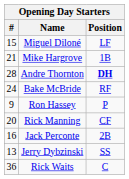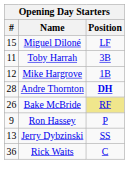 <table class="wikitable" style="text-align:center">
 <tr>
 <th colspan="3">Opening Day Starters</th>
 </tr>
 <tr>
 <th>#</th>
 <th>Name</th>
 <th>Position</th>
 </tr>
 <tr>
 <td>15</td>
 <td><a href='#'>Miguel Diloné</a></td>
 <td><a href='#'>LF</a></td>
 </tr>
 <tr>
-<td>21</td>
+<td>11</td>
+<td><a href='#'>Toby Harrah</a></td>
+<td><a href='#'>3B</a></td>
+</tr>
+<tr>
+<td>12</td>
 <td><a href='#'>Mike Hargrove</a></td>
 <td><a href='#'>1B</a></td>
 </tr>
 <tr>
 <td>28</td>
 <td><a href='#'>Andre Thornton</a></td>
 <td><strong><a href='#'>DH</a></strong></td>
 </tr>
 <tr>
-<td>24</td>
+<td>26</td>
 <td><a href='#'>Bake McBride</a></td>
-<td><a href='#'>RF</a></td>
+<td style="background: khaki;"><a href='#'>RF</a></td>
 </tr>
 <tr>
 <td>9</td>
 <td><a href='#'>Ron Hassey</a></td>
 <td><a href='#'>P</a></td>
-</tr>
-<tr>
-<td>20</td>
-<td><a href='#'>Rick Manning</a></td>
-<td><a href='#'>CF</a></td>
-</tr>
-<tr>
-<td>16</td>
-<td><a href='#'>Jack Perconte</a></td>
-<td><a href='#'>2B</a></td>
 </tr>
 <tr>
 <td>13</td>
 <td><a href='#'>Jerry Dybzinski</a></td>
 <td><a href='#'>SS</a></td>
 </tr>
 <tr>
 <td>36</td>
 <td><a href='#'>Rick Waits</a></td>
 <td><a href='#'>C</a></td>
 </tr>
 </table>
